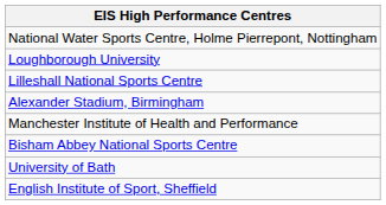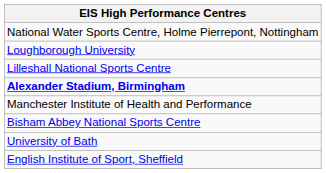 <table class="wikitable">
 <tr>
 <th>EIS High Performance Centres</th>
 </tr>
 <tr>
 <td>National Water Sports Centre, Holme Pierrepont, Nottingham</td>
 </tr>
 <tr>
 <td><a href='#'>Loughborough University</a></td>
 </tr>
 <tr>
 <td><a href='#'>Lilleshall National Sports Centre</a></td>
 </tr>
 <tr>
-<td><a href='#'>Alexander Stadium, Birmingham</a></td>
+<td><strong><a href='#'>Alexander Stadium, Birmingham</a></strong></td>
 </tr>
 <tr>
 <td>Manchester Institute of Health and Performance</td>
 </tr>
 <tr>
 <td><a href='#'>Bisham Abbey National Sports Centre</a></td>
 </tr>
 <tr>
 <td><a href='#'>University of Bath</a></td>
 </tr>
 <tr>
 <td><a href='#'>English Institute of Sport, Sheffield</a></td>
 </tr>
 </table>
